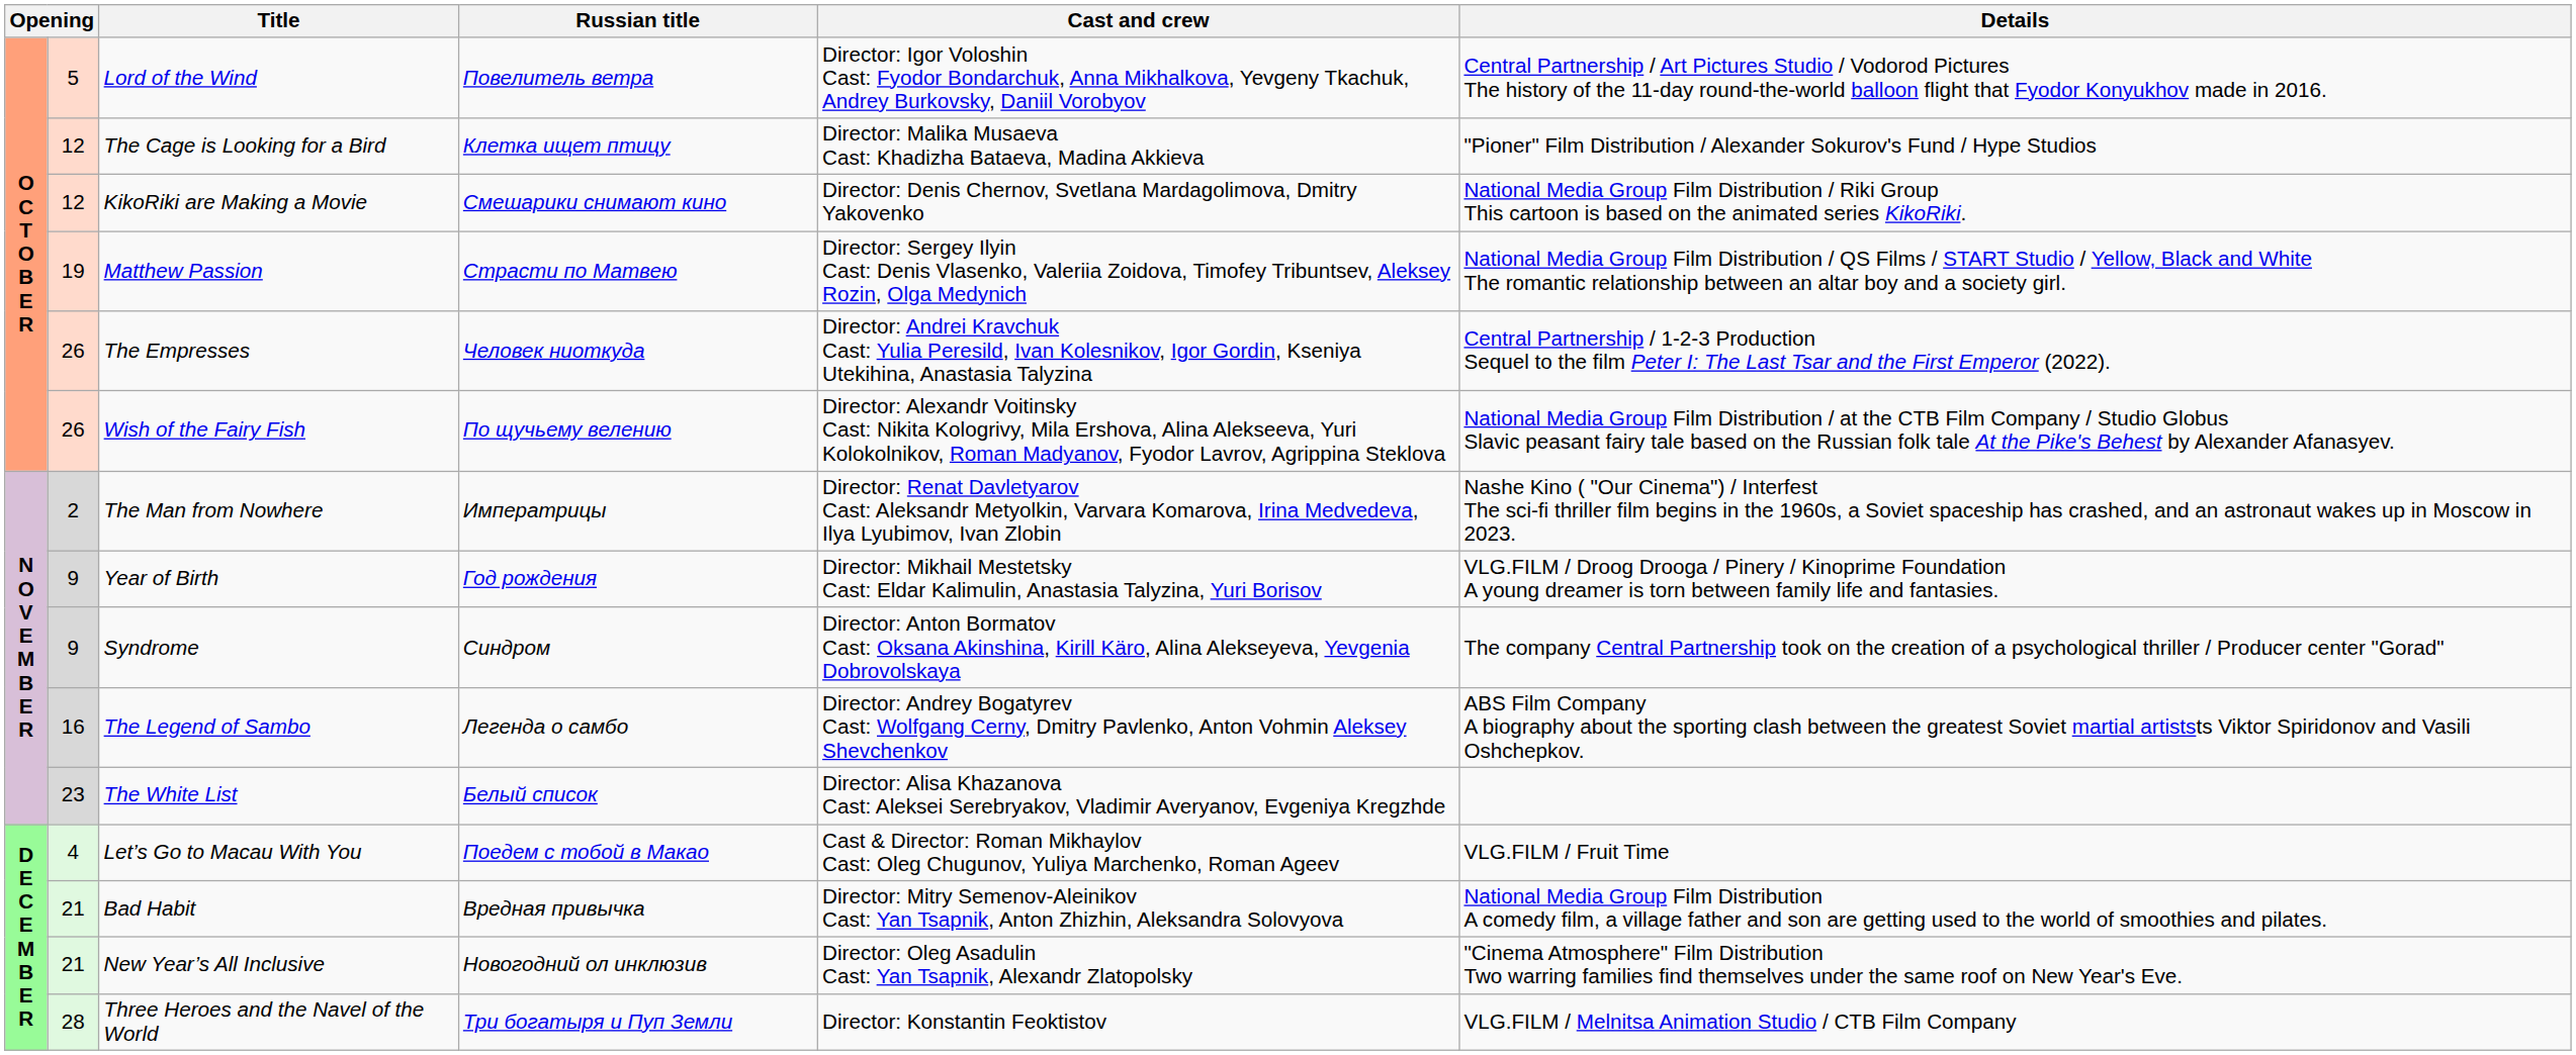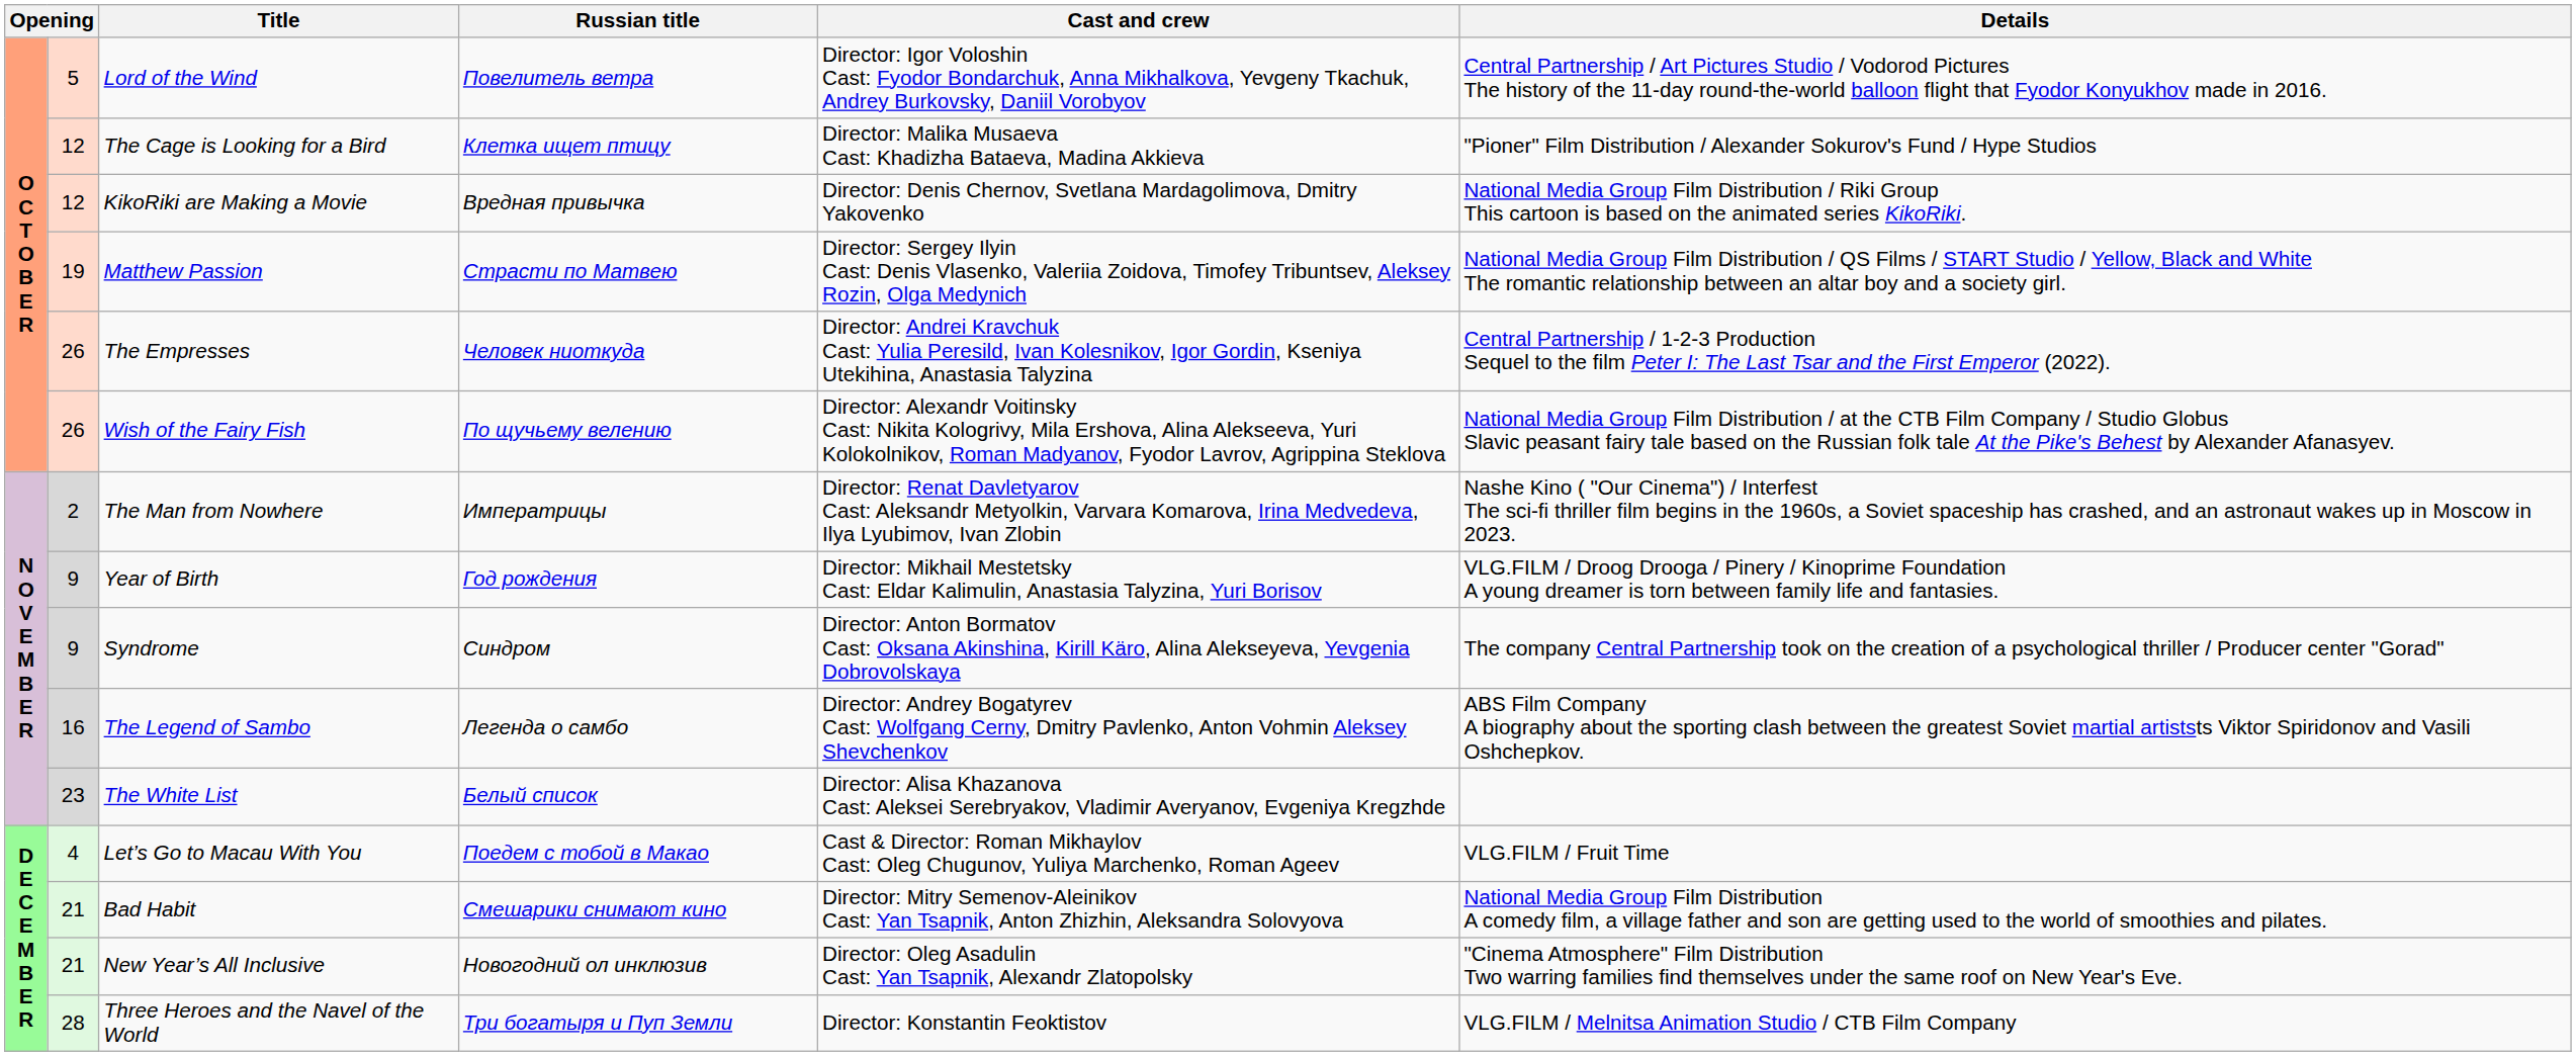 <table class="wikitable">
 <tr>
 <th colspan="2">Opening</th>
 <th style="width:14%;">Title</th>
 <th style="width:14%;">Russian title</th>
 <th style="width:25%;">Cast and crew</th>
 <th>Details</th>
 </tr>
 <tr>
 <th rowspan="6" align="center" style="background:#ffa07a; textcolor:#000;">O<br>C<br>T<br>O<br>B<br>E<br>R</th>
 <td align="center" style="background:#ffdacc;">5</td>
 <td><em><a href='#'>Lord of the Wind</a></em></td>
 <td><em><a href='#'>Повелитель ветра</a></em></td>
 <td>Director: Igor Voloshin <br> Cast: <a href='#'>Fyodor Bondarchuk</a>, <a href='#'>Anna Mikhalkova</a>, Yevgeny Tkachuk, <a href='#'>Andrey Burkovsky</a>, <a href='#'>Daniil Vorobyov</a></td>
 <td><a href='#'>Central Partnership</a> / <a href='#'>Art Pictures Studio</a> / Vodorod Pictures <br> The history of the 11-day round-the-world <a href='#'>balloon</a> flight that <a href='#'>Fyodor Konyukhov</a> made in 2016.</td>
 </tr>
 <tr>
 <td align="center" style="background:#ffdacc;">12</td>
 <td><em>The Cage is Looking for a Bird</em></td>
 <td><em><a href='#'>Клетка ищет птицу</a></em></td>
 <td>Director: Malika Musaeva <br> Cast: Khadizha Bataeva, Madina Akkieva</td>
 <td>"Pioner" Film Distribution / Alexander Sokurov's Fund / Hype Studios</td>
 </tr>
 <tr>
 <td align="center" style="background:#ffdacc;">12</td>
 <td><em>KikoRiki are Making a Movie</em></td>
-<td><em><a href='#'>Смешарики снимают кино</a></em></td>
+<td><em>Вредная привычка</em></td>
 <td>Director: Denis Chernov, Svetlana Mardagolimova, Dmitry Yakovenko</td>
 <td><a href='#'>National Media Group</a> Film Distribution / Riki Group <br> This cartoon is based on the animated series <em><a href='#'>KikoRiki</a></em>.</td>
 </tr>
 <tr>
 <td align="center" style="background:#ffdacc;">19</td>
 <td><em><a href='#'>Matthew Passion</a></em></td>
 <td><em><a href='#'>Страсти по Матвею</a></em></td>
 <td>Director: Sergey Ilyin <br> Cast: Denis Vlasenko, Valeriia Zoidova, Timofey Tribuntsev, <a href='#'>Aleksey Rozin</a>, <a href='#'>Olga Medynich</a></td>
 <td><a href='#'>National Media Group</a> Film Distribution / QS Films / <a href='#'>START Studio</a> / <a href='#'>Yellow, Black and White</a> <br> The romantic relationship between an altar boy and a society girl.</td>
 </tr>
 <tr>
 <td align="center" style="background:#ffdacc;">26</td>
 <td><em>The Empresses</em></td>
 <td><em><a href='#'>Человек ниоткуда</a></em></td>
 <td>Director: <a href='#'>Andrei Kravchuk</a> <br> Cast: <a href='#'>Yulia Peresild</a>, <a href='#'>Ivan Kolesnikov</a>, <a href='#'>Igor Gordin</a>, Kseniya Utekihina, Anastasia Talyzina</td>
 <td><a href='#'>Central Partnership</a> / 1-2-3 Production <br> Sequel to the film <em><a href='#'>Peter I: The Last Tsar and the First Emperor</a></em> (2022).</td>
 </tr>
 <tr>
 <td align="center" style="background:#ffdacc;">26</td>
 <td><em><a href='#'>Wish of the Fairy Fish</a></em></td>
 <td><em><a href='#'>По щучьему велению</a></em></td>
 <td>Director: Alexandr Voitinsky <br> Cast: Nikita Kologrivy, Mila Ershova, Alina Alekseeva, Yuri Kolokolnikov, <a href='#'>Roman Madyanov</a>, Fyodor Lavrov, Agrippina Steklova</td>
 <td><a href='#'>National Media Group</a> Film Distribution /  at the CTB Film Company / Studio Globus <br> Slavic peasant fairy tale based on the Russian folk tale <em><a href='#'>At the Pike's Behest</a></em> by Alexander Afanasyev.</td>
 </tr>
 <tr>
 <th rowspan="5" align="center" style="background:thistle; textcolor:#000;">N<br>O<br>V<br>E<br>M<br>B<br>E<br>R</th>
 <td align="center" style="background:#d8d8d8;">2</td>
 <td><em>The Man from Nowhere</em></td>
 <td><em>Императрицы</em></td>
 <td>Director: <a href='#'>Renat Davletyarov</a> <br> Cast: Aleksandr Metyolkin, Varvara Komarova, <a href='#'>Irina Medvedeva</a>, Ilya Lyubimov, Ivan Zlobin</td>
 <td>Nashe Kino ( "Our Cinema") / Interfest <br> The sci-fi thriller film begins in the 1960s, a Soviet spaceship has crashed, and an astronaut wakes up in Moscow in 2023.</td>
 </tr>
 <tr>
 <td align="center" style="background:#d8d8d8;">9</td>
 <td><em>Year of Birth</em></td>
 <td><em><a href='#'>Год рождения</a></em></td>
 <td>Director: Mikhail Mestetsky <br> Cast: Eldar Kalimulin, Anastasia Talyzina, <a href='#'>Yuri Borisov</a></td>
 <td>VLG.FILM / Droog Drooga / Pinery / Kinoprime Foundation <br> A young dreamer is torn between family life and fantasies.</td>
 </tr>
 <tr>
 <td align="center" style="background:#d8d8d8;">9</td>
 <td><em>Syndrome</em></td>
 <td><em>Синдром</em></td>
 <td>Director: Anton Bormatov <br> Cast: <a href='#'>Oksana Akinshina</a>, <a href='#'>Kirill Käro</a>, Alina Alekseyeva, <a href='#'>Yevgenia Dobrovolskaya</a></td>
 <td>The company <a href='#'>Central Partnership</a> took on the creation of a psychological thriller / Producer center "Gorad"</td>
 </tr>
 <tr>
 <td align="center" style="background:#d8d8d8;">16</td>
 <td><em><a href='#'>The Legend of Sambo</a></em></td>
 <td><em>Легенда о самбо</em></td>
 <td>Director: Andrey Bogatyrev <br> Cast: <a href='#'>Wolfgang Cerny</a>, Dmitry Pavlenko, Anton Vohmin <a href='#'>Aleksey Shevchenkov</a></td>
 <td>ABS Film Company <br> A biography about the sporting clash between the greatest Soviet <a href='#'>martial artists</a>ts Viktor Spiridonov and Vasili Oshchepkov.</td>
 </tr>
 <tr>
 <td align="center" style="background:#d8d8d8;">23</td>
 <td><em><a href='#'>The White List</a></em></td>
 <td><em><a href='#'>Белый список</a></em></td>
 <td>Director: Alisa Khazanova <br> Cast: Aleksei Serebryakov, Vladimir Averyanov, Evgeniya Kregzhde</td>
 <td></td>
 </tr>
 <tr>
 <th rowspan="4" align="center" style="background:#98fb98; textcolor:#000;">D<br>E<br>C<br>E<br>M<br>B<br>E<br>R</th>
 <td align="center" style="background:#e0f9e0;">4</td>
 <td><em>Let’s Go to Macau With You</em></td>
 <td><em><a href='#'>Поедем с тобой в Макао</a></em></td>
 <td>Cast & Director: Roman Mikhaylov <br> Cast: Oleg Chugunov, Yuliya Marchenko, Roman Ageev</td>
 <td>VLG.FILM / Fruit Time</td>
 </tr>
 <tr>
 <td align="center" style="background:#e0f9e0;">21</td>
 <td><em>Bad Habit</em></td>
-<td><em>Вредная привычка</em></td>
+<td><em><a href='#'>Смешарики снимают кино</a></em></td>
 <td>Director: Mitry Semenov-Aleinikov <br> Cast: <a href='#'>Yan Tsapnik</a>, Anton Zhizhin, Aleksandra Solovyova</td>
 <td><a href='#'>National Media Group</a> Film Distribution <br> A comedy film, a village father and son are getting used to the world of smoothies and pilates.</td>
 </tr>
 <tr>
 <td align="center" style="background:#e0f9e0;">21</td>
 <td><em>New Year’s All Inclusive</em></td>
 <td><em>Новогодний ол инклюзив</em></td>
 <td>Director: Oleg Asadulin <br> Cast: <a href='#'>Yan Tsapnik</a>, Alexandr Zlatopolsky</td>
 <td>"Cinema Atmosphere" Film Distribution <br> Two warring families find themselves under the same roof on New Year's Eve.</td>
 </tr>
 <tr>
 <td align="center" style="background:#e0f9e0;">28</td>
 <td><em>Three Heroes and the Navel of the World</em></td>
 <td><em><a href='#'>Три богатыря и Пуп Земли</a></em></td>
 <td>Director: Konstantin Feoktistov</td>
 <td>VLG.FILM / <a href='#'>Melnitsa Animation Studio</a> / CTB Film Company</td>
 </tr>
 </table>
